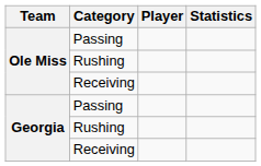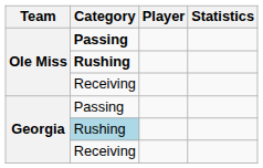 <table class="wikitable" style="float:right">
 <tr>
 <th>Team</th>
 <th>Category</th>
 <th>Player</th>
 <th>Statistics</th>
 </tr>
 <tr>
 <th rowspan=3>Ole Miss</th>
-<td>Passing</td>
+<td><strong>Passing</strong></td>
 <td></td>
 <td></td>
 </tr>
 <tr>
-<td>Rushing</td>
+<td><strong>Rushing</strong></td>
 <td></td>
 <td></td>
 </tr>
 <tr>
 <td>Receiving</td>
 <td></td>
 <td></td>
 </tr>
 <tr>
 <th rowspan=3>Georgia</th>
 <td>Passing</td>
 <td></td>
 <td></td>
 </tr>
 <tr>
-<td>Rushing</td>
+<td style="background: lightblue;">Rushing</td>
 <td></td>
 <td></td>
 </tr>
 <tr>
 <td>Receiving</td>
 <td></td>
 <td></td>
 </tr>
 </table>
